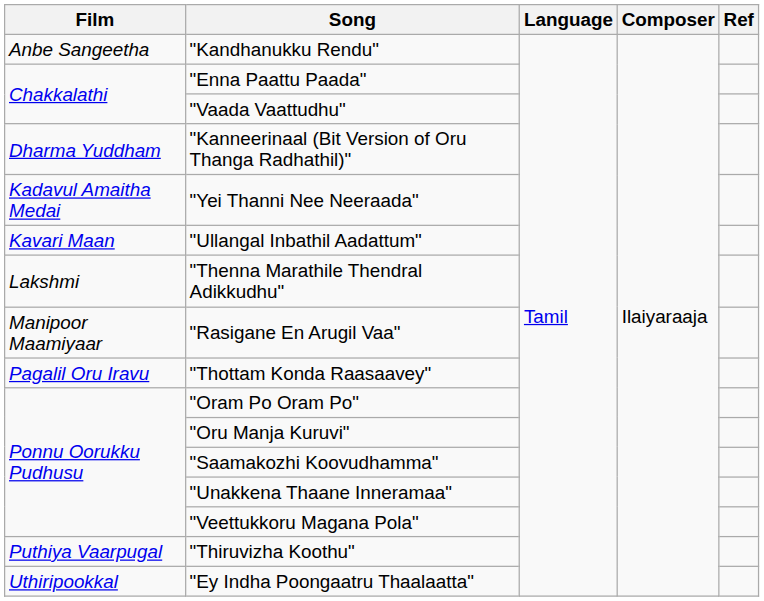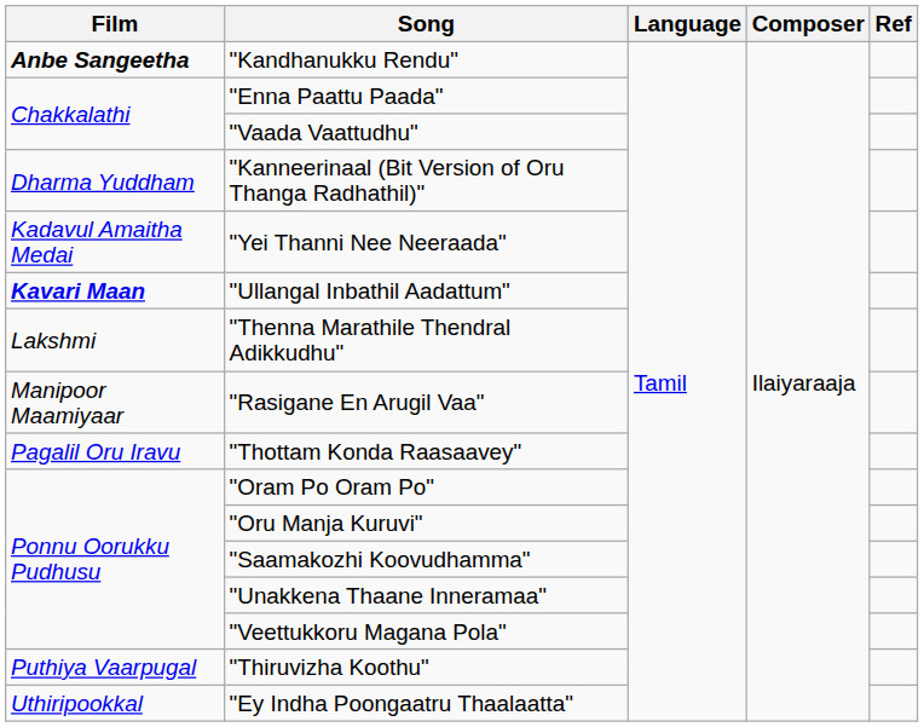 <table class="wikitable sortable" style="font-size:95%;">
 <tr>
 <th>Film</th>
 <th>Song</th>
 <th>Language</th>
 <th>Composer</th>
 <th>Ref</th>
 </tr>
 <tr>
-<td><em>Anbe Sangeetha</em></td>
+<td><strong><em>Anbe Sangeetha</em></strong></td>
 <td>"Kandhanukku Rendu"</td>
 <td rowspan="16"><a href='#'>Tamil</a></td>
 <td rowspan="16">Ilaiyaraaja</td>
 <td></td>
 </tr>
 <tr>
 <td rowspan="2"><em><a href='#'>Chakkalathi</a></em></td>
 <td>"Enna Paattu Paada"</td>
 <td></td>
 </tr>
 <tr>
 <td>"Vaada Vaattudhu"</td>
 <td></td>
 </tr>
 <tr>
 <td><em><a href='#'>Dharma Yuddham</a></em></td>
 <td>"Kanneerinaal (Bit Version of Oru Thanga Radhathil)"</td>
 <td></td>
 </tr>
 <tr>
 <td><em><a href='#'>Kadavul Amaitha Medai</a></em></td>
 <td>"Yei Thanni Nee Neeraada"</td>
 <td></td>
 </tr>
 <tr>
-<td><em><a href='#'>Kavari Maan</a></em></td>
+<td><strong><em><a href='#'>Kavari Maan</a></em></strong></td>
 <td>"Ullangal Inbathil Aadattum"</td>
 <td></td>
 </tr>
 <tr>
 <td><em>Lakshmi</em></td>
 <td>"Thenna Marathile Thendral Adikkudhu"</td>
 <td></td>
 </tr>
 <tr>
 <td><em>Manipoor Maamiyaar</em></td>
 <td>"Rasigane En Arugil Vaa"</td>
 <td></td>
 </tr>
 <tr>
 <td><em><a href='#'>Pagalil Oru Iravu</a></em></td>
 <td>"Thottam Konda Raasaavey"</td>
 <td></td>
 </tr>
 <tr>
 <td rowspan="5"><em><a href='#'>Ponnu Oorukku Pudhusu</a></em></td>
 <td>"Oram Po Oram Po"</td>
 <td></td>
 </tr>
 <tr>
 <td>"Oru Manja Kuruvi"</td>
 <td></td>
 </tr>
 <tr>
 <td>"Saamakozhi Koovudhamma"</td>
 <td></td>
 </tr>
 <tr>
 <td>"Unakkena Thaane Inneramaa"</td>
 <td></td>
 </tr>
 <tr>
 <td>"Veettukkoru Magana Pola"</td>
 <td></td>
 </tr>
 <tr>
 <td><em><a href='#'>Puthiya Vaarpugal</a></em></td>
 <td>"Thiruvizha Koothu"</td>
 <td></td>
 </tr>
 <tr>
 <td><em><a href='#'>Uthiripookkal</a></em></td>
 <td>"Ey Indha Poongaatru Thaalaatta"</td>
 <td></td>
 </tr>
 </table>
